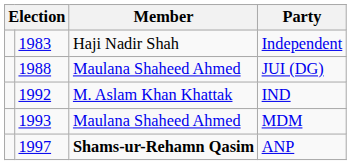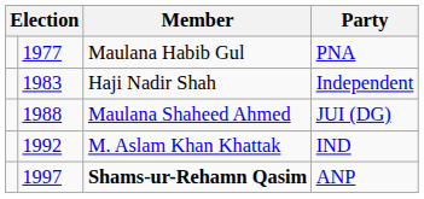 <table class="wikitable">
 <tr>
 <th colspan="2">Election</th>
 <th>Member</th>
 <th>Party</th>
+</tr>
+<tr>
+<td style="background-color: "></td>
+<td><a href='#'>1977</a></td>
+<td>Maulana Habib Gul</td>
+<td><a href='#'>PNA</a></td>
 </tr>
 <tr>
 <td style="background-color: "></td>
 <td><a href='#'>1983</a></td>
 <td>Haji Nadir Shah</td>
 <td><a href='#'>Independent</a></td>
 </tr>
 <tr>
 <td style="background-color: "></td>
 <td><a href='#'>1988</a></td>
 <td><a href='#'>Maulana Shaheed Ahmed</a></td>
 <td><a href='#'>JUI (DG)</a></td>
 </tr>
 <tr>
 <td style="background-color: "></td>
 <td><a href='#'>1992</a></td>
 <td><a href='#'>M. Aslam Khan Khattak</a></td>
 <td><a href='#'>IND</a></td>
 </tr>
 <tr>
 <td style="background-color: "></td>
-<td><a href='#'>1993</a></td>
-<td><a href='#'>Maulana Shaheed Ahmed</a></td>
-<td><a href='#'>MDM</a></td>
-</tr>
-<tr>
-<td style="background-color: "></td>
 <td><a href='#'>1997</a></td>
 <td><strong>Shams-ur-Rehamn Qasim</strong></td>
 <td><a href='#'>ANP</a></td>
 </tr>
 </table>
